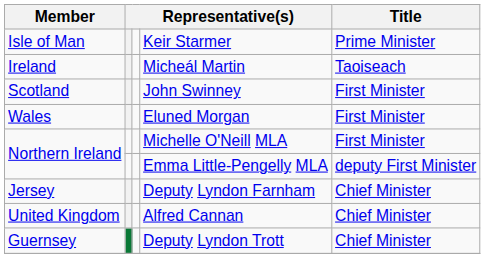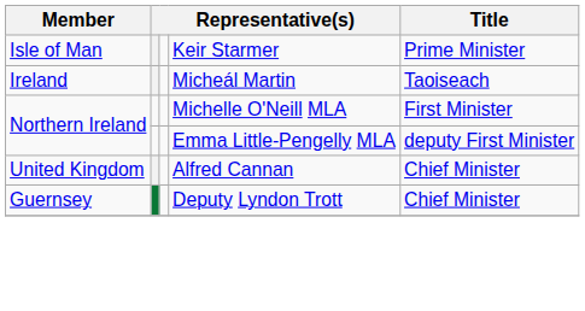 <table class="wikitable">
 <tr>
 <th>Member</th>
 <th colspan=3>Representative(s)</th>
 <th>Title</th>
 </tr>
 <tr>
 <td><a href='#'>Isle of Man</a></td>
 <th style="background-color: "></th>
 <td></td>
 <td><a href='#'>Keir Starmer</a> </td>
 <td><a href='#'>Prime Minister</a></td>
 </tr>
 <tr>
 <td><a href='#'>Ireland</a></td>
 <th style="background:"></th>
 <td></td>
 <td><a href='#'>Micheál Martin</a> </td>
 <td><a href='#'>Taoiseach</a></td>
 </tr>
 <tr>
-<td><a href='#'>Scotland</a></td>
-<th style="background:"></th>
-<td></td>
-<td><a href='#'>John Swinney</a> </td>
-<td><a href='#'>First Minister</a></td>
-</tr>
-<tr>
-<td><a href='#'>Wales</a></td>
-<th style="background:"></th>
-<td></td>
-<td><a href='#'>Eluned Morgan</a> </td>
-<td><a href='#'>First Minister</a></td>
-</tr>
-<tr>
 <td rowspan=2><a href='#'>Northern Ireland</a></td>
 <td style="background:"></td>
 <td></td>
 <td><a href='#'>Michelle O'Neill</a> <a href='#'>MLA</a></td>
 <td><a href='#'>First Minister</a></td>
 </tr>
 <tr>
 <td style="background:"></td>
 <td></td>
 <td><a href='#'>Emma Little-Pengelly</a> <a href='#'>MLA</a></td>
 <td><a href='#'>deputy First Minister</a></td>
-</tr>
-<tr>
-<td><a href='#'>Jersey</a></td>
-<th style="background:"></th>
-<td></td>
-<td><a href='#'>Deputy</a> <a href='#'>Lyndon Farnham</a></td>
-<td><a href='#'>Chief Minister</a></td>
 </tr>
 <tr>
 <td><a href='#'>United Kingdom</a></td>
 <th style="background:"></th>
 <td></td>
 <td><a href='#'>Alfred Cannan</a> </td>
 <td><a href='#'>Chief Minister</a></td>
 </tr>
 <tr>
 <td><a href='#'>Guernsey</a></td>
 <th style="background-color:#0A7836;"></th>
 <td></td>
 <td><a href='#'>Deputy</a> <a href='#'>Lyndon Trott</a></td>
 <td><a href='#'>Chief Minister</a></td>
 </tr>
 <tr>
 </tr>
 </table>
